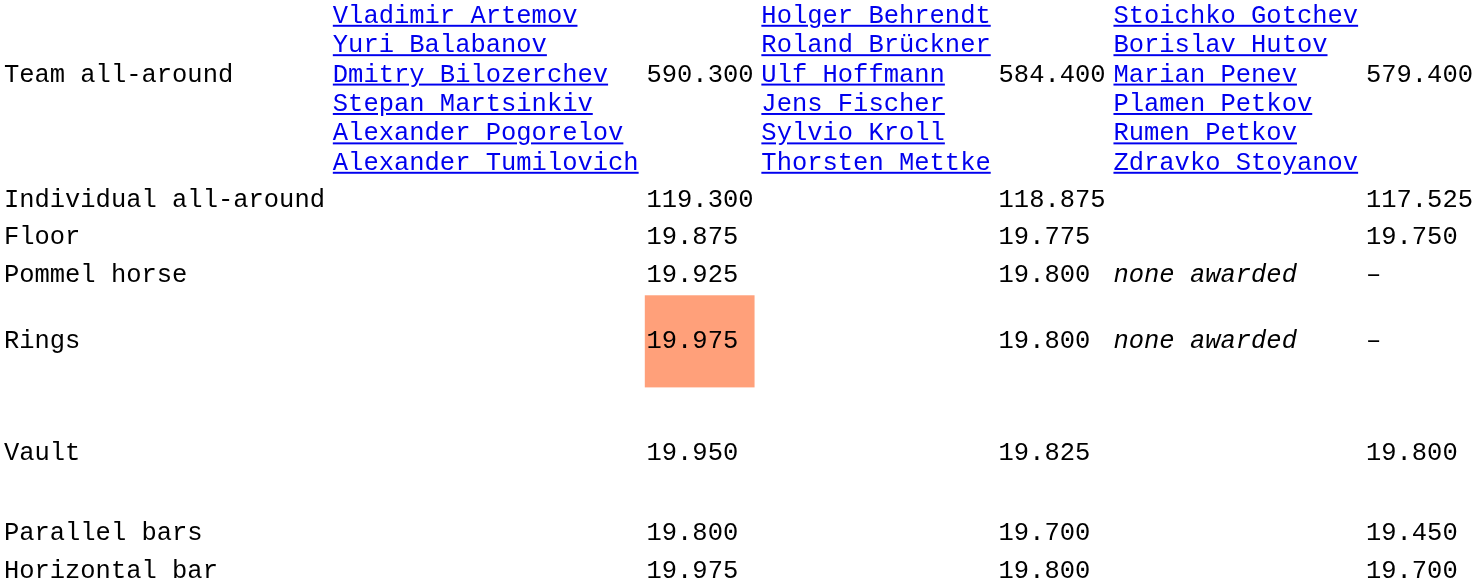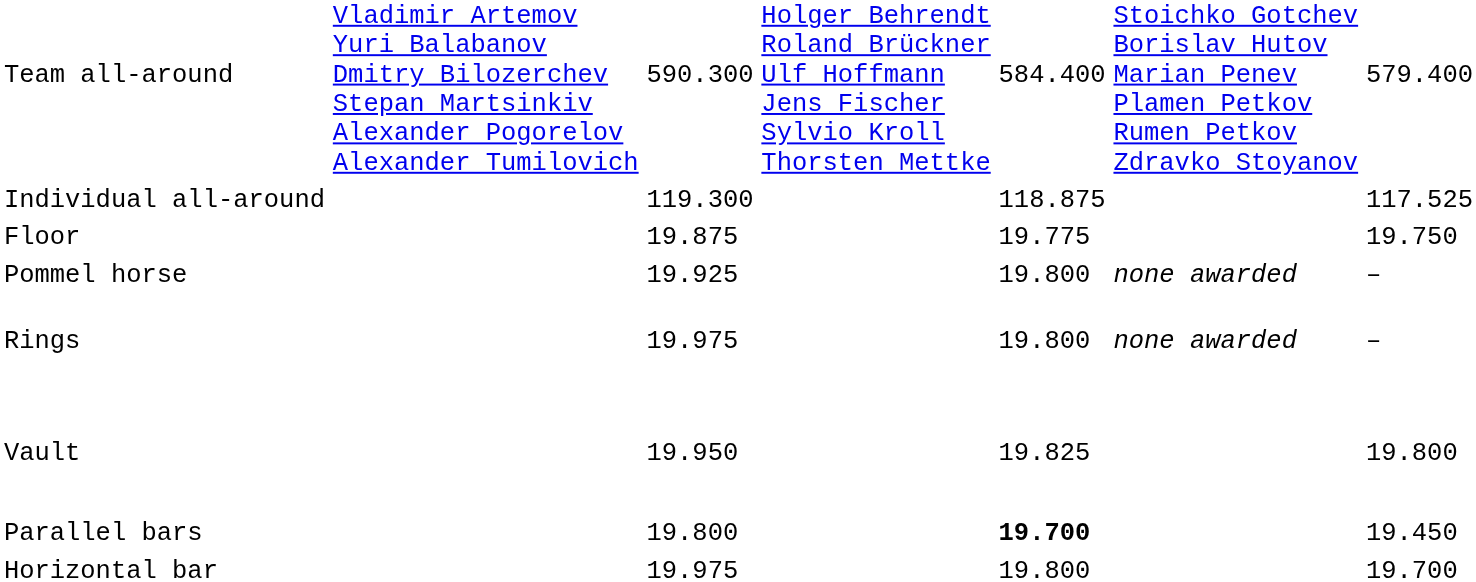 <table>
 <tr>
 <td>Team all-around</td>
 <td><br><a href='#'>Vladimir Artemov</a> <br> <a href='#'>Yuri Balabanov</a> <br> <a href='#'>Dmitry Bilozerchev</a> <br> <a href='#'>Stepan Martsinkiv</a> <br> <a href='#'>Alexander Pogorelov</a> <br> <a href='#'>Alexander Tumilovich</a></td>
 <td>590.300</td>
 <td><br><a href='#'>Holger Behrendt</a> <br> <a href='#'>Roland Brückner</a> <br> <a href='#'>Ulf Hoffmann</a> <br> <a href='#'>Jens Fischer</a> <br> <a href='#'>Sylvio Kroll</a> <br> <a href='#'>Thorsten Mettke</a></td>
 <td>584.400</td>
 <td><br><a href='#'>Stoichko Gotchev</a> <br> <a href='#'>Borislav Hutov</a> <br> <a href='#'>Marian Penev</a> <br> <a href='#'>Plamen Petkov</a> <br> <a href='#'>Rumen Petkov</a> <br> <a href='#'>Zdravko Stoyanov</a></td>
 <td>579.400</td>
 </tr>
 <tr>
 <td>Individual all-around</td>
 <td></td>
 <td>119.300</td>
 <td></td>
 <td>118.875</td>
 <td></td>
 <td>117.525</td>
 </tr>
 <tr>
 <td>Floor</td>
 <td></td>
 <td>19.875</td>
 <td></td>
 <td>19.775</td>
 <td></td>
 <td>19.750</td>
 </tr>
 <tr>
 <td>Pommel horse</td>
 <td></td>
 <td>19.925</td>
 <td> <br> </td>
 <td>19.800</td>
 <td><em>none awarded</em></td>
 <td>–</td>
 </tr>
 <tr>
 <td>Rings</td>
 <td></td>
-<td style="background: lightsalmon;">19.975</td>
+<td>19.975</td>
 <td> <br>  <br>  <br></td>
 <td>19.800</td>
 <td><em>none awarded</em></td>
 <td>–</td>
 </tr>
 <tr>
 <td>Vault</td>
 <td></td>
 <td>19.950</td>
 <td></td>
 <td>19.825</td>
 <td> <br>  <br>  <br>  <br> </td>
 <td>19.800</td>
 </tr>
 <tr>
 <td>Parallel bars</td>
 <td></td>
 <td>19.800</td>
 <td></td>
-<td>19.700</td>
+<td><strong>19.700</strong></td>
 <td> <br> </td>
 <td>19.450</td>
 </tr>
 <tr>
 <td>Horizontal bar</td>
 <td></td>
 <td>19.975</td>
 <td></td>
 <td>19.800</td>
 <td></td>
 <td>19.700</td>
 </tr>
 </table>
